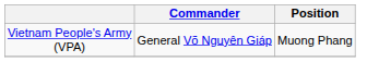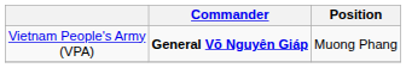 <table class="wikitable">
 <tr>
 <th><strong> </strong></th>
 <th><strong><a href='#'>Commander</a></strong></th>
 <th><strong>Position</strong></th>
 </tr>
 <tr>
 <td align="center"><a href='#'>Vietnam People's Army</a><br> (VPA)</td>
-<td>General <a href='#'>Võ Nguyên Giáp</a></td>
+<td><strong>General <a href='#'>Võ Nguyên Giáp</a></strong></td>
 <td>Muong Phang</td>
 </tr>
 <tr>
 </tr>
 </table>
